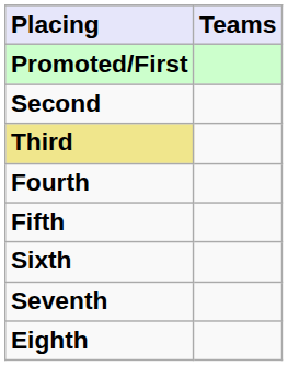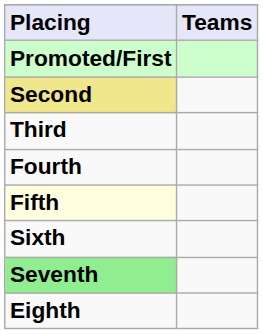 <table class=wikitable>
 <tr>
 </tr>
 <tr style="background: #E6E6FA;">
 <td><strong>Placing</strong></td>
 <td colspan="2" style="text-align:center"><strong>Teams</strong></td>
 </tr>
 <tr style="background: #ccffcc;">
 <td><strong>Promoted/First</strong></td>
 <td><strong></strong></td>
 </tr>
 <tr>
-<td><strong>Second</strong></td>
+<td style="background: khaki;"><strong>Second</strong></td>
 <td></td>
 </tr>
 <tr>
-<td style="background: khaki;"><strong>Third</strong></td>
+<td><strong>Third</strong></td>
 <td></td>
 </tr>
 <tr>
 <td><strong>Fourth</strong></td>
 <td></td>
 </tr>
 <tr>
-<td><strong>Fifth</strong></td>
+<td style="background: lightyellow;"><strong>Fifth</strong></td>
 <td></td>
 </tr>
 <tr>
 <td><strong>Sixth</strong></td>
 <td></td>
 </tr>
 <tr>
-<td><strong>Seventh</strong></td>
+<td style="background: lightgreen;"><strong>Seventh</strong></td>
 <td></td>
 </tr>
 <tr>
 <td><strong>Eighth</strong></td>
 <td></td>
 </tr>
 </table>
